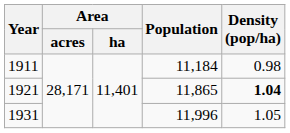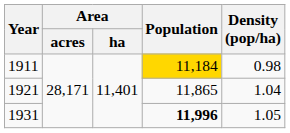 <table class="wikitable">
 <tr>
 <th rowspan="2">Year</th>
 <th colspan="2">Area</th>
 <th rowspan="2">Population<br></th>
 <th rowspan="2">Density<br>(pop/ha)</th>
 </tr>
 <tr>
 <th>acres</th>
 <th>ha</th>
 </tr>
 <tr>
 <td>1911</td>
 <td style="text-align:right;" rowspan="3">28,171</td>
 <td style="text-align:right;" rowspan="3">11,401</td>
-<td style="text-align:right;">11,184</td>
+<td style="background: gold; text-align:right;">11,184</td>
 <td style="text-align:right;">0.98</td>
 </tr>
 <tr>
 <td>1921</td>
 <td style="text-align:right;">11,865</td>
-<td style="text-align:right;"><strong>1.04</strong></td>
+<td style="text-align:right;">1.04</td>
 </tr>
 <tr>
 <td>1931</td>
-<td style="text-align:right;">11,996</td>
+<td style="text-align:right;"><strong>11,996</strong></td>
 <td style="text-align:right;">1.05</td>
 </tr>
 </table>
